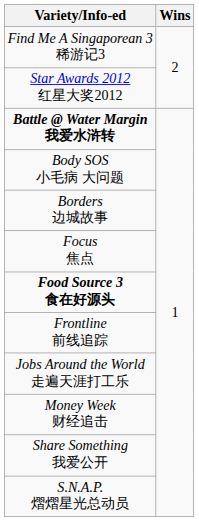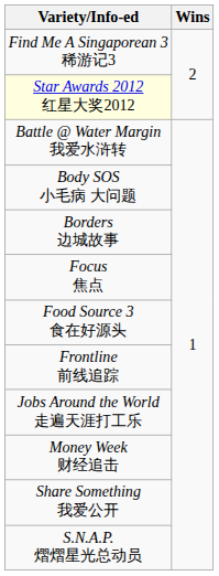 <table class="wikitable" style="text-align: center">
 <tr>
 <th>Variety/Info-ed</th>
 <th>Wins</th>
 </tr>
 <tr>
 <td><em>Find Me A Singaporean 3</em> <br>稀游记3</td>
 <td rowspan=2>2</td>
 </tr>
 <tr>
-<td><em><a href='#'>Star Awards 2012</a></em><br> 红星大奖2012</td>
+<td style="background: lightyellow;"><em><a href='#'>Star Awards 2012</a></em><br> 红星大奖2012</td>
 </tr>
 <tr>
-<td><strong><em>Battle @ Water Margin</em><br> 我爱水浒转</strong></td>
+<td><em>Battle @ Water Margin</em><br> 我爱水浒转</td>
 <td rowspan=10>1</td>
 </tr>
 <tr>
 <td><em>Body SOS</em> <br>小毛病 大问题</td>
 </tr>
 <tr>
 <td><em>Borders</em><br> 边城故事</td>
 </tr>
 <tr>
 <td><em>Focus</em> <br>焦点</td>
 </tr>
 <tr>
-<td><strong><em>Food Source 3</em> <br>食在好源头</strong></td>
+<td><em>Food Source 3</em> <br>食在好源头</td>
 </tr>
 <tr>
 <td><em>Frontline</em><br> 前线追踪</td>
 </tr>
 <tr>
 <td><em>Jobs Around the World</em><br> 走遍天涯打工乐</td>
 </tr>
 <tr>
 <td><em>Money Week</em><br> 财经追击</td>
 </tr>
 <tr>
 <td><em>Share Something</em><br> 我爱公开</td>
 </tr>
 <tr>
 <td><em>S.N.A.P.</em><br> 熠熠星光总动员</td>
 </tr>
 </table>
